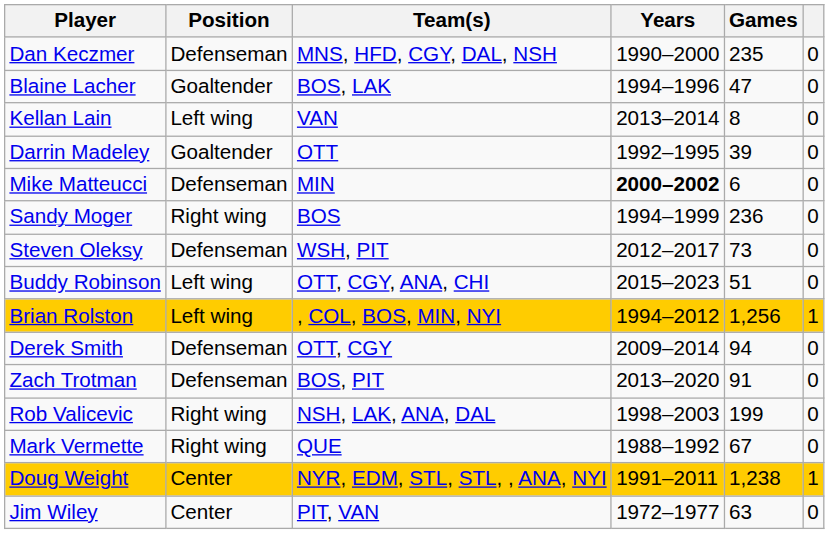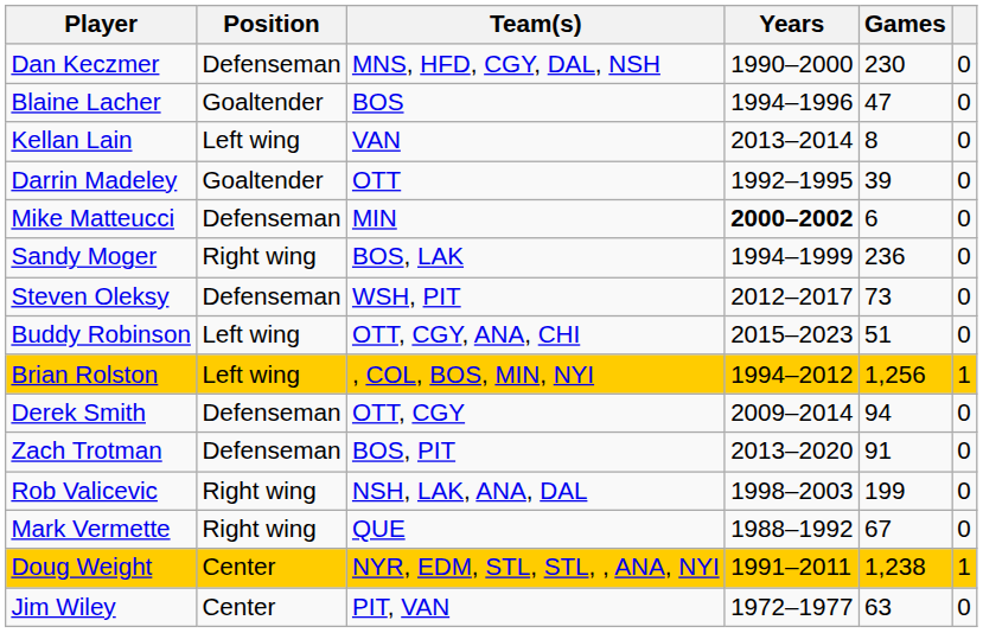 <table class="wikitable sortable">
 <tr>
 <th>Player</th>
 <th>Position</th>
 <th>Team(s)</th>
 <th>Years</th>
 <th>Games</th>
 <th><a href='#'></a></th>
 </tr>
 <tr>
 <td><a href='#'>Dan Keczmer</a></td>
 <td>Defenseman</td>
 <td><a href='#'>MNS</a>, <a href='#'>HFD</a>, <a href='#'>CGY</a>, <a href='#'>DAL</a>, <a href='#'>NSH</a></td>
 <td>1990–2000</td>
-<td>235</td>
+<td>230</td>
 <td>0</td>
 </tr>
 <tr>
 <td><a href='#'>Blaine Lacher</a></td>
 <td>Goaltender</td>
-<td><a href='#'>BOS</a>, <a href='#'>LAK</a></td>
+<td><a href='#'>BOS</a></td>
 <td>1994–1996</td>
 <td>47</td>
 <td>0</td>
 </tr>
 <tr>
 <td><a href='#'>Kellan Lain</a></td>
 <td>Left wing</td>
 <td><a href='#'>VAN</a></td>
 <td>2013–2014</td>
 <td>8</td>
 <td>0</td>
 </tr>
 <tr>
 <td><a href='#'>Darrin Madeley</a></td>
 <td>Goaltender</td>
 <td><a href='#'>OTT</a></td>
 <td>1992–1995</td>
 <td>39</td>
 <td>0</td>
 </tr>
 <tr>
 <td><a href='#'>Mike Matteucci</a></td>
 <td>Defenseman</td>
 <td><a href='#'>MIN</a></td>
 <td><strong>2000–2002</strong></td>
 <td>6</td>
 <td>0</td>
 </tr>
 <tr>
 <td><a href='#'>Sandy Moger</a></td>
 <td>Right wing</td>
-<td><a href='#'>BOS</a></td>
+<td><a href='#'>BOS</a>, <a href='#'>LAK</a></td>
 <td>1994–1999</td>
 <td>236</td>
 <td>0</td>
 </tr>
 <tr>
 <td><a href='#'>Steven Oleksy</a></td>
 <td>Defenseman</td>
 <td><a href='#'>WSH</a>, <a href='#'>PIT</a></td>
 <td>2012–2017</td>
 <td>73</td>
 <td>0</td>
 </tr>
 <tr>
 <td><a href='#'>Buddy Robinson</a></td>
 <td>Left wing</td>
 <td><a href='#'>OTT</a>, <a href='#'>CGY</a>, <a href='#'>ANA</a>, <a href='#'>CHI</a></td>
 <td>2015–2023</td>
 <td>51</td>
 <td>0</td>
 </tr>
 <tr bgcolor=FFCC00>
 <td><a href='#'>Brian Rolston</a></td>
 <td>Left wing</td>
 <td><span><strong></strong></span>, <a href='#'>COL</a>, <a href='#'>BOS</a>, <a href='#'>MIN</a>, <a href='#'>NYI</a></td>
 <td>1994–2012</td>
 <td>1,256</td>
 <td>1</td>
 </tr>
 <tr>
 <td><a href='#'>Derek Smith</a></td>
 <td>Defenseman</td>
 <td><a href='#'>OTT</a>, <a href='#'>CGY</a></td>
 <td>2009–2014</td>
 <td>94</td>
 <td>0</td>
 </tr>
 <tr>
 <td><a href='#'>Zach Trotman</a></td>
 <td>Defenseman</td>
 <td><a href='#'>BOS</a>, <a href='#'>PIT</a></td>
 <td>2013–2020</td>
 <td>91</td>
 <td>0</td>
 </tr>
 <tr>
 <td><a href='#'>Rob Valicevic</a></td>
 <td>Right wing</td>
 <td><a href='#'>NSH</a>, <a href='#'>LAK</a>, <a href='#'>ANA</a>, <a href='#'>DAL</a></td>
 <td>1998–2003</td>
 <td>199</td>
 <td>0</td>
 </tr>
 <tr>
 <td><a href='#'>Mark Vermette</a></td>
 <td>Right wing</td>
 <td><a href='#'>QUE</a></td>
 <td>1988–1992</td>
 <td>67</td>
 <td>0</td>
 </tr>
 <tr bgcolor=FFCC00>
 <td><a href='#'>Doug Weight</a></td>
 <td>Center</td>
 <td><a href='#'>NYR</a>, <a href='#'>EDM</a>, <a href='#'>STL</a>, <a href='#'>STL</a>, <span><strong></strong></span>, <a href='#'>ANA</a>, <a href='#'>NYI</a></td>
 <td>1991–2011</td>
 <td>1,238</td>
 <td>1</td>
 </tr>
 <tr>
 <td><a href='#'>Jim Wiley</a></td>
 <td>Center</td>
 <td><a href='#'>PIT</a>, <a href='#'>VAN</a></td>
 <td>1972–1977</td>
 <td>63</td>
 <td>0</td>
 </tr>
 </table>
